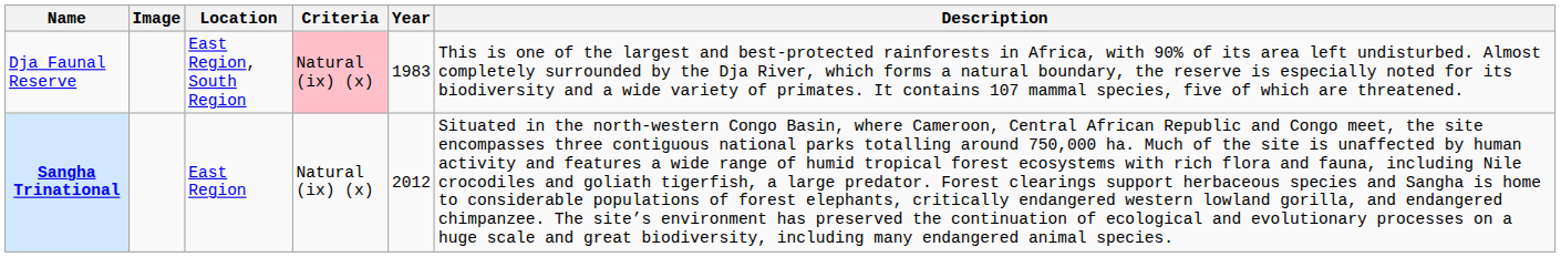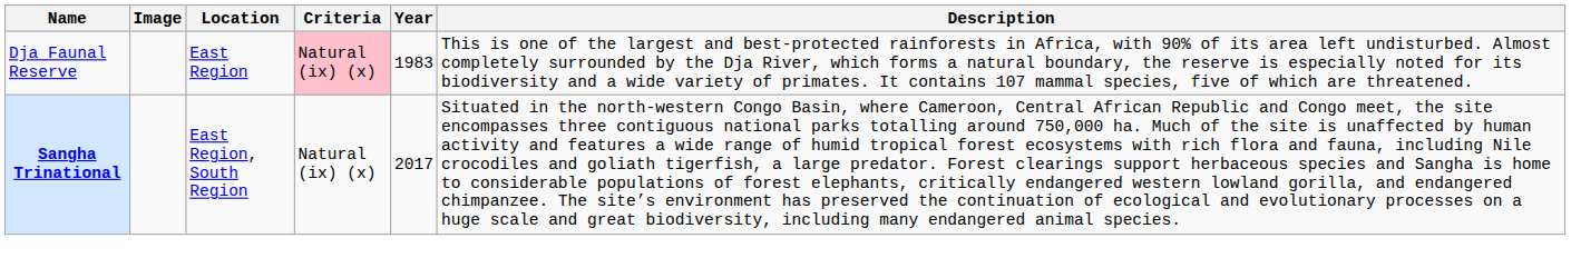 <table class="wikitable sortable">
 <tr>
 <th>Name</th>
 <th>Image</th>
 <th>Location</th>
 <th>Criteria</th>
 <th>Year</th>
 <th><strong>Description</strong></th>
 </tr>
 <tr>
 <td><a href='#'>Dja Faunal Reserve</a></td>
 <td></td>
-<td><a href='#'>East Region</a>, <a href='#'>South Region</a><br></td>
+<td><a href='#'>East Region</a><br></td>
 <td style="background: pink;">Natural (ix) (x)</td>
 <td>1983</td>
 <td>This is one of the largest and best-protected rainforests in Africa, with 90% of its area left undisturbed. Almost completely surrounded by the Dja River, which forms a natural boundary, the reserve is especially noted for its biodiversity and a wide variety of primates. It contains 107 mammal species, five of which are threatened.</td>
 </tr>
 <tr>
 <th scope="row" style="background:#D0E7FF"><a href='#'>Sangha Trinational</a></th>
 <td></td>
-<td><a href='#'>East Region</a><br></td>
+<td><a href='#'>East Region</a>, <a href='#'>South Region</a><br></td>
 <td>Natural (ix) (x)</td>
-<td>2012</td>
+<td>2017</td>
 <td>Situated in the north-western Congo Basin, where Cameroon, Central African Republic and Congo meet, the site encompasses three contiguous national parks totalling around 750,000 ha. Much of the site is unaffected by human activity and features a wide range of humid tropical forest ecosystems with rich flora and fauna, including Nile crocodiles and goliath tigerfish, a large predator. Forest clearings support herbaceous species and Sangha is home to considerable populations of forest elephants, critically endangered western lowland gorilla, and endangered chimpanzee. The site’s environment has preserved the continuation of ecological and evolutionary processes on a huge scale and great biodiversity, including many endangered animal species.</td>
 </tr>
 </table>
